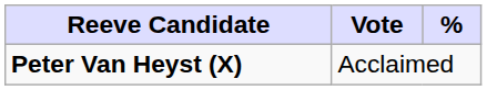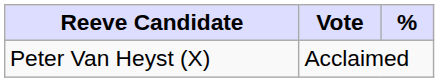 <table class="wikitable">
 <tr>
 <th style="background:#ddf; width:200px;">Reeve Candidate </th>
 <th style="background:#ddf; width:50px;">Vote</th>
 <th style="background:#ddf; width:30px;">%</th>
 </tr>
 <tr>
-<td><strong>Peter Van Heyst (X)</strong></td>
+<td>Peter Van Heyst (X)</td>
 <td colspan="2">Acclaimed</td>
 </tr>
 </table>
